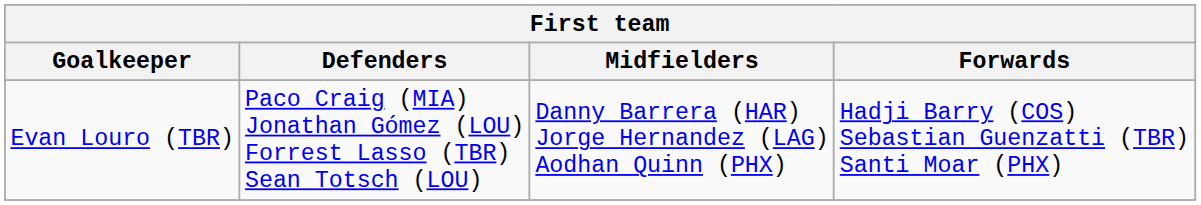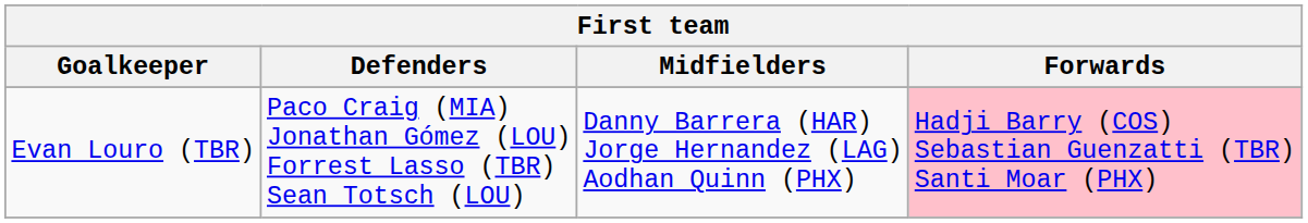 <table class="wikitable">
 <tr>
 <th colspan="4">First team</th>
 </tr>
 <tr>
 <th>Goalkeeper</th>
 <th>Defenders</th>
 <th>Midfielders</th>
 <th>Forwards</th>
 </tr>
 <tr>
 <td> <a href='#'>Evan Louro</a> (<a href='#'>TBR</a>)</td>
 <td> <a href='#'>Paco Craig</a> (<a href='#'>MIA</a>)<br> <a href='#'>Jonathan Gómez</a> (<a href='#'>LOU</a>)<br> <a href='#'>Forrest Lasso</a> (<a href='#'>TBR</a>)<br> <a href='#'>Sean Totsch</a> (<a href='#'>LOU</a>)</td>
 <td> <a href='#'>Danny Barrera</a> (<a href='#'>HAR</a>)<br> <a href='#'>Jorge Hernandez</a> (<a href='#'>LAG</a>)<br> <a href='#'>Aodhan Quinn</a> (<a href='#'>PHX</a>)</td>
-<td> <a href='#'>Hadji Barry</a> (<a href='#'>COS</a>)<br> <a href='#'>Sebastian Guenzatti</a> (<a href='#'>TBR</a>)<br> <a href='#'>Santi Moar</a> (<a href='#'>PHX</a>)</td>
+<td style="background: pink;"> <a href='#'>Hadji Barry</a> (<a href='#'>COS</a>)<br> <a href='#'>Sebastian Guenzatti</a> (<a href='#'>TBR</a>)<br> <a href='#'>Santi Moar</a> (<a href='#'>PHX</a>)</td>
 </tr>
 </table>
